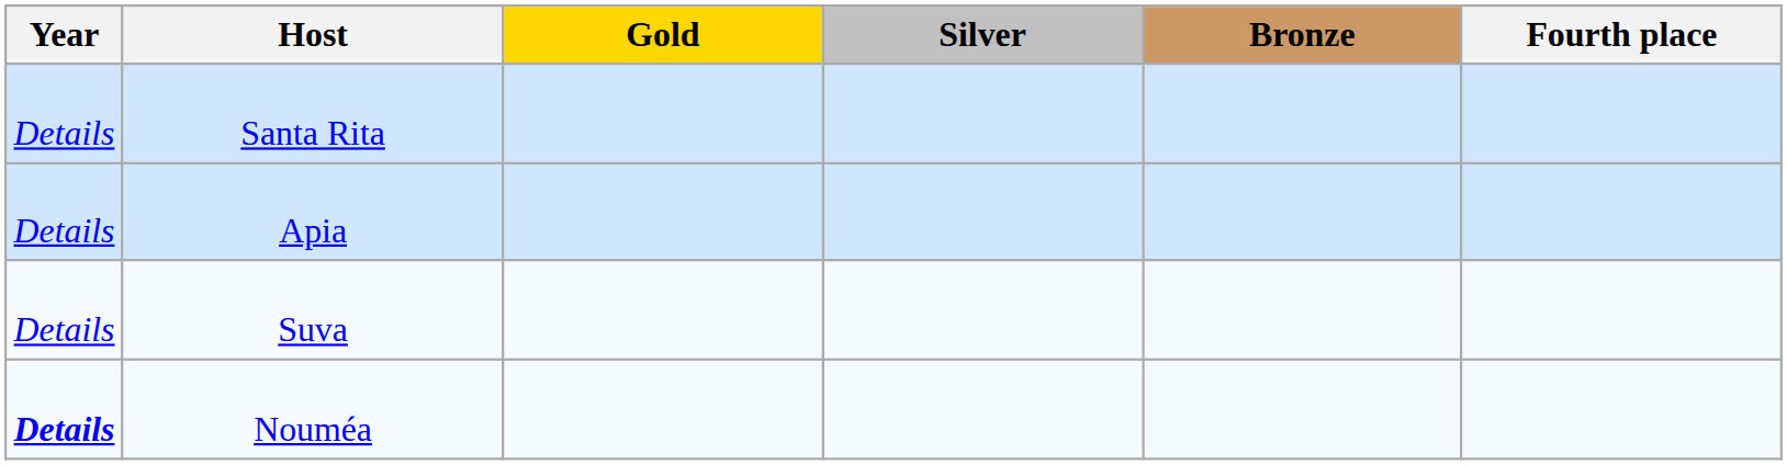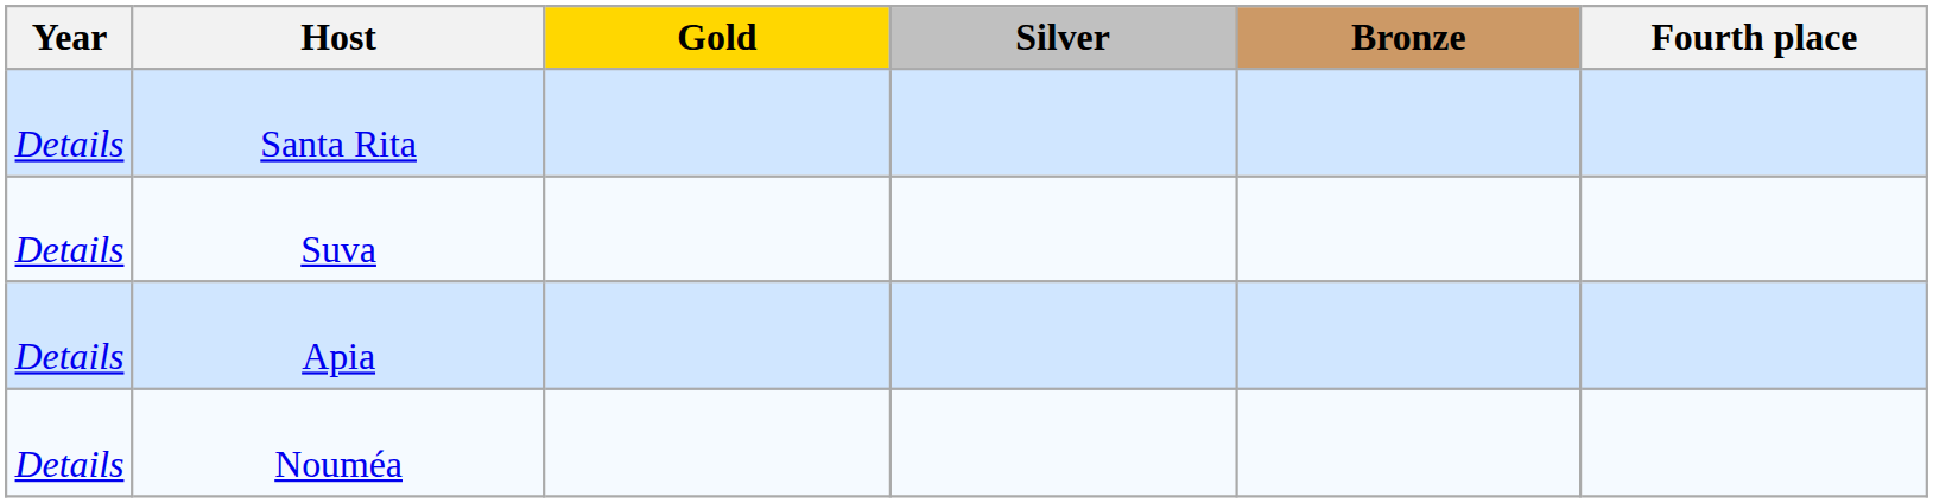 <table class="wikitable" style="font-size: 90%; text-align: center;">
 <tr>
 <th width="30">Year</th>
 <th width="150">Host</th>
 <th width="125" style="background: gold;">Gold</th>
 <th width="125" style="background: silver;">Silver</th>
 <th width="125" style="background: #cc9966;">Bronze</th>
 <th width="125" style="background:">Fourth place</th>
 </tr>
 <tr style="background: #D0E6FF;">
 <td><br><em><a href='#'>Details</a></em></td>
 <td><br><a href='#'>Santa Rita</a></td>
 <td><strong></strong></td>
 <td></td>
 <td></td>
 <td></td>
 </tr>
+<tr style="background: #F5FAFF;">
+<td><br><em><a href='#'>Details</a></em></td>
+<td><br><a href='#'>Suva</a></td>
+<td><strong></strong></td>
+<td></td>
+<td></td>
+<td></td>
+</tr>
 <tr style="background: #D0E6FF;">
 <td><br><em><a href='#'>Details</a></em></td>
 <td><br><a href='#'>Apia</a></td>
 <td><strong></strong></td>
 <td></td>
 <td></td>
 <td></td>
 </tr>
 <tr style="background: #F5FAFF;">
 <td><br><em><a href='#'>Details</a></em></td>
-<td><br><a href='#'>Suva</a></td>
-<td><strong></strong></td>
-<td></td>
-<td></td>
-<td></td>
-</tr>
-<tr style="background: #F5FAFF;">
-<td><strong><br><em><a href='#'>Details</a></em></strong></td>
 <td><br><a href='#'>Nouméa</a></td>
 <td><strong></strong></td>
 <td></td>
 <td></td>
 <td></td>
 </tr>
 </table>
